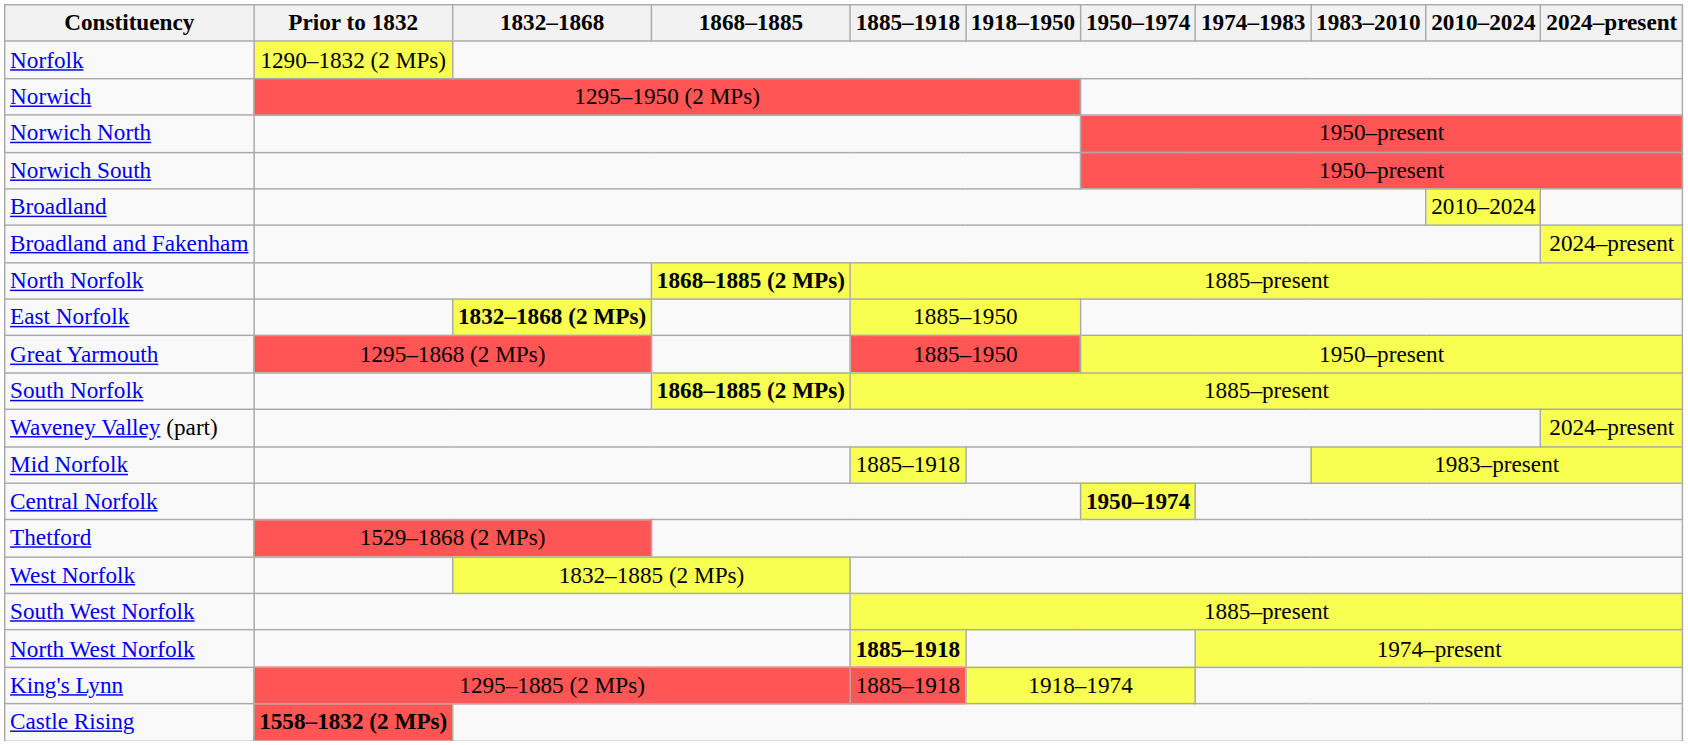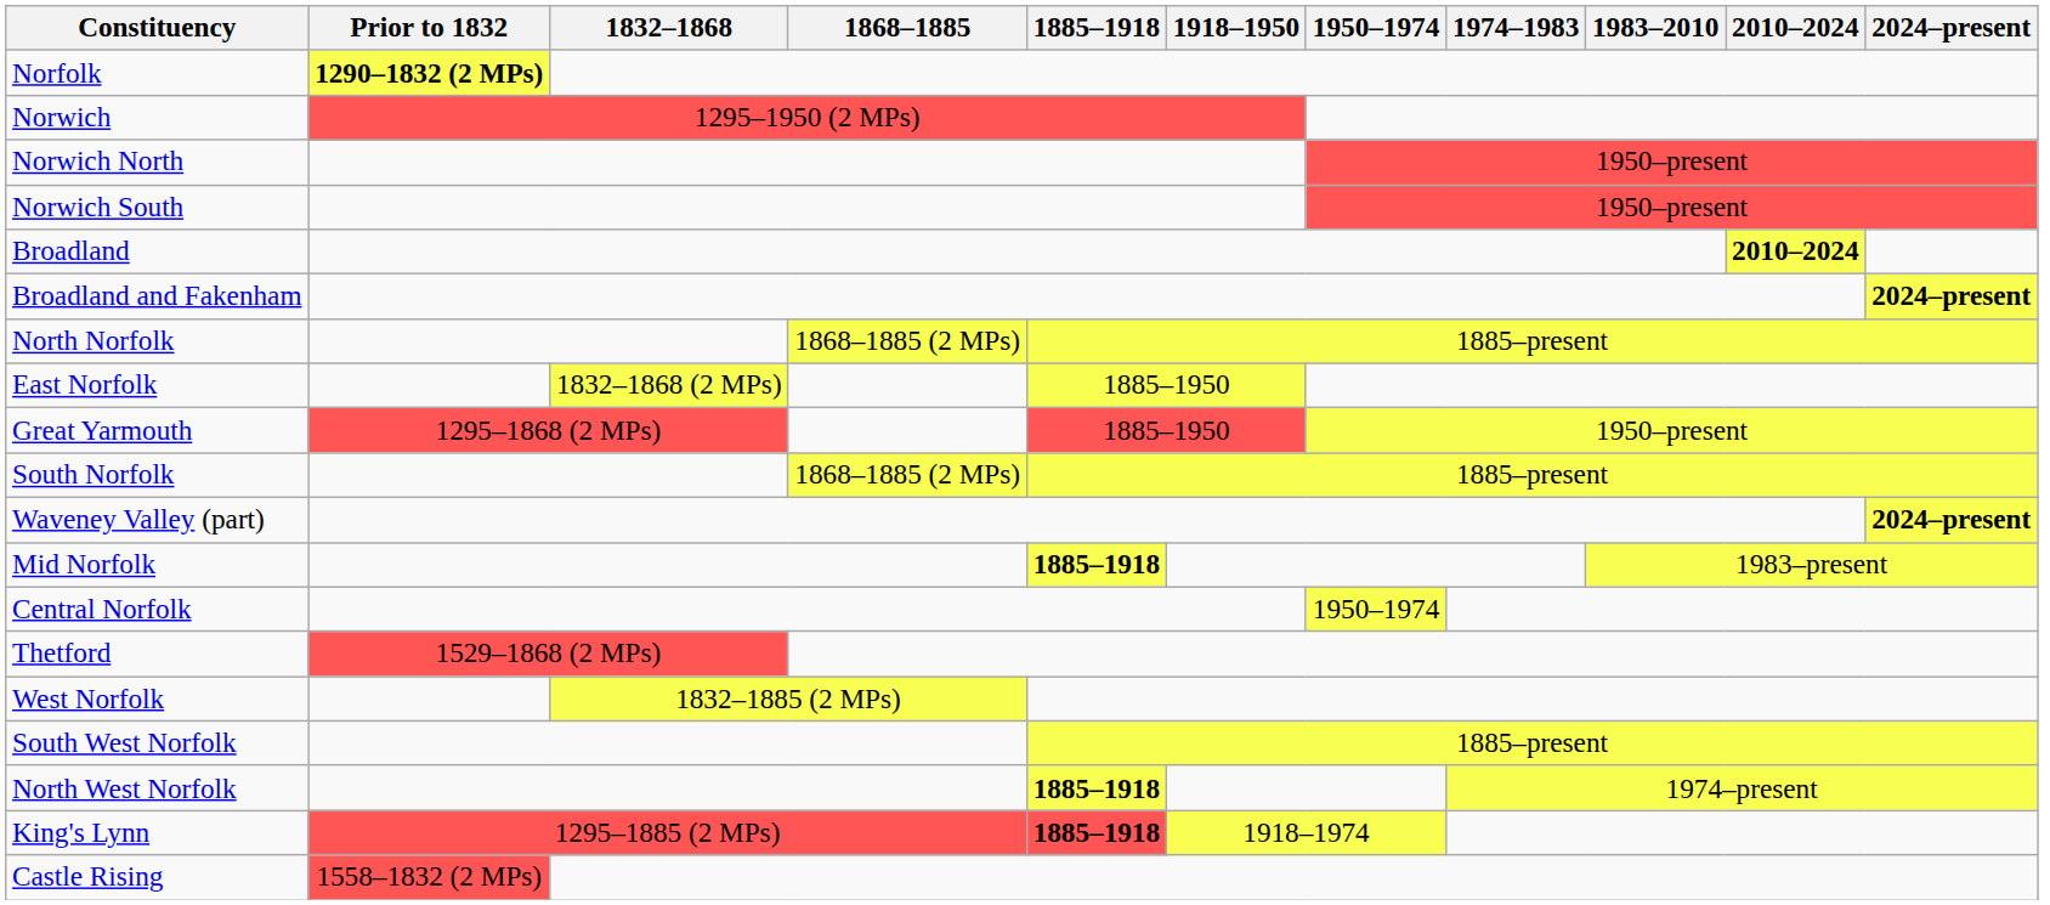 <table class="wikitable">
 <tr>
 <th>Constituency</th>
 <th>Prior to 1832</th>
 <th>1832–1868</th>
 <th>1868–1885</th>
 <th>1885–1918</th>
 <th>1918–1950</th>
 <th>1950–1974</th>
 <th>1974–1983</th>
 <th>1983–2010</th>
 <th>2010–2024</th>
 <th>2024–present</th>
 </tr>
 <tr>
 <td><a href='#'>Norfolk</a></td>
-<td align="center" bgcolor="#f9ff50">1290–1832 (2 MPs)</td>
+<td align="center" bgcolor="#f9ff50"><strong>1290–1832 (2 MPs)</strong></td>
 <td colspan="9"></td>
 </tr>
 <tr>
 <td><a href='#'>Norwich</a></td>
 <td align="center" bgcolor="#ff5555" colspan="5">1295–1950 (2 MPs)</td>
 <td colspan="5"></td>
 </tr>
 <tr>
 <td><a href='#'>Norwich North</a></td>
 <td colspan="5"></td>
 <td colspan="5" align="center" bgcolor="#ff5555">1950–present</td>
 </tr>
 <tr>
 <td><a href='#'>Norwich South</a></td>
 <td colspan="5"></td>
 <td colspan="5" align="center" bgcolor="#ff5555">1950–present</td>
 </tr>
 <tr>
 <td><a href='#'>Broadland</a></td>
 <td colspan="8"></td>
-<td align="center" bgcolor="#f9ff50">2010–2024</td>
+<td align="center" bgcolor="#f9ff50"><strong>2010–2024</strong></td>
 <td></td>
 </tr>
 <tr>
 <td><a href='#'>Broadland and Fakenham</a></td>
 <td colspan="9"></td>
-<td align="center" bgcolor="#f9ff50">2024–present</td>
+<td align="center" bgcolor="#f9ff50"><strong>2024–present</strong></td>
 </tr>
 <tr>
 <td><a href='#'>North Norfolk</a></td>
 <td colspan="2"></td>
-<td align="center" bgcolor="#f9ff50"><strong>1868–1885 (2 MPs)</strong></td>
+<td align="center" bgcolor="#f9ff50">1868–1885 (2 MPs)</td>
 <td colspan="7" align="center" bgcolor="#f9ff50">1885–present</td>
 </tr>
 <tr>
 <td><a href='#'>East Norfolk</a></td>
 <td></td>
-<td align="center" bgcolor="#f9ff50"><strong>1832–1868 (2 MPs)</strong></td>
+<td align="center" bgcolor="#f9ff50">1832–1868 (2 MPs)</td>
 <td></td>
 <td colspan="2" align="center" bgcolor="#f9ff50">1885–1950</td>
 <td colspan="5"></td>
 </tr>
 <tr>
 <td><a href='#'>Great Yarmouth</a></td>
 <td colspan="2" align="center" bgcolor="#ff5555">1295–1868 (2 MPs)</td>
 <td></td>
 <td colspan="2" align="center" bgcolor="#ff5555">1885–1950</td>
 <td colspan="5" align="center" bgcolor="#f9ff50">1950–present</td>
 </tr>
 <tr>
 <td><a href='#'>South Norfolk</a></td>
 <td colspan="2"></td>
-<td align="center" bgcolor="#f9ff50"><strong>1868–1885 (2 MPs)</strong></td>
+<td align="center" bgcolor="#f9ff50">1868–1885 (2 MPs)</td>
 <td colspan="7" align="center" bgcolor="#f9ff50">1885–present</td>
 </tr>
 <tr>
 <td><a href='#'>Waveney Valley</a> (part)</td>
 <td colspan="9"></td>
-<td align="center" bgcolor="#f9ff50">2024–present</td>
+<td align="center" bgcolor="#f9ff50"><strong>2024–present</strong></td>
 </tr>
 <tr>
 <td><a href='#'>Mid Norfolk</a></td>
 <td colspan="3"></td>
-<td align="center" bgcolor="#f9ff50">1885–1918</td>
+<td align="center" bgcolor="#f9ff50"><strong>1885–1918</strong></td>
 <td colspan="3"></td>
 <td colspan="3" align="center" bgcolor="#f9ff50">1983–present</td>
 </tr>
 <tr>
 <td><a href='#'>Central Norfolk</a></td>
 <td colspan="5"></td>
-<td align="center" bgcolor="#f9ff50"><strong>1950–1974</strong></td>
+<td align="center" bgcolor="#f9ff50">1950–1974</td>
 <td colspan="4"></td>
 </tr>
 <tr>
 <td><a href='#'>Thetford</a></td>
 <td colspan="2" align="center" bgcolor="#ff5555">1529–1868 (2 MPs)</td>
 <td colspan="8"></td>
 </tr>
 <tr>
 <td><a href='#'>West Norfolk</a></td>
 <td></td>
 <td colspan="2" align="center" bgcolor="#f9ff50">1832–1885 (2 MPs)</td>
 <td colspan="7"></td>
 </tr>
 <tr>
 <td><a href='#'>South West Norfolk</a></td>
 <td colspan="3"></td>
 <td colspan="7" align="center" bgcolor="#f9ff50">1885–present</td>
 </tr>
 <tr>
 <td><a href='#'>North West Norfolk</a></td>
 <td colspan="3"></td>
 <td align="center" bgcolor="#f9ff50"><strong>1885–1918</strong></td>
 <td colspan="2"></td>
 <td colspan="4" align="center" bgcolor="#f9ff50">1974–present</td>
 </tr>
 <tr>
 <td><a href='#'>King's Lynn</a></td>
 <td colspan="3" align="center" bgcolor="#ff5555">1295–1885 (2 MPs)</td>
-<td align="center" bgcolor="#ff5555">1885–1918</td>
+<td align="center" bgcolor="#ff5555"><strong>1885–1918</strong></td>
 <td colspan="2" align="center" bgcolor="#f9ff50">1918–1974</td>
 <td colspan="4"></td>
 </tr>
 <tr>
 <td><a href='#'>Castle Rising</a></td>
-<td align="center" bgcolor="#ff5555"><strong>1558–1832 (2 MPs)</strong></td>
+<td align="center" bgcolor="#ff5555">1558–1832 (2 MPs)</td>
 <td colspan="9"></td>
 </tr>
 </table>
